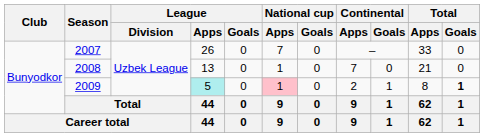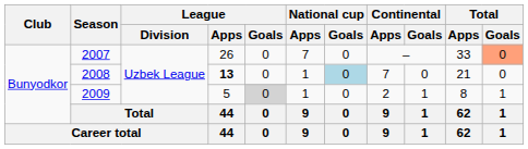 <table class="wikitable" style="text-align: center;">
 <tr>
 <th rowspan="2">Club</th>
 <th rowspan="2">Season</th>
 <th colspan="3">League</th>
 <th colspan="2">National cup</th>
 <th colspan="2">Continental</th>
 <th colspan="2">Total</th>
 </tr>
 <tr>
 <th>Division</th>
 <th>Apps</th>
 <th>Goals</th>
 <th>Apps</th>
 <th>Goals</th>
 <th>Apps</th>
 <th>Goals</th>
 <th>Apps</th>
 <th>Goals</th>
 </tr>
 <tr>
 <td rowspan="4"><a href='#'>Bunyodkor</a></td>
 <td><a href='#'>2007</a></td>
 <td rowspan="3"><a href='#'>Uzbek League</a></td>
 <td>26</td>
 <td>0</td>
 <td>7</td>
 <td>0</td>
 <td colspan="2">–</td>
 <td>33</td>
-<td>0</td>
+<td style="background: lightsalmon;">0</td>
 </tr>
 <tr>
 <td><a href='#'>2008</a></td>
-<td>13</td>
+<td><strong>13</strong></td>
 <td>0</td>
 <td>1</td>
-<td>0</td>
+<td style="background: lightblue;">0</td>
 <td>7</td>
 <td>0</td>
 <td>21</td>
 <td>0</td>
 </tr>
 <tr>
 <td><a href='#'>2009</a></td>
-<td style="background: paleturquoise;">5</td>
-<td>0</td>
-<td style="background: pink;">1</td>
+<td>5</td>
+<td style="background: lightgrey;">0</td>
+<td>1</td>
 <td>0</td>
 <td>2</td>
 <td>1</td>
 <td>8</td>
-<td><strong>1</strong></td>
+<td>1</td>
 </tr>
 <tr>
 <th colspan="2">Total</th>
 <th>44</th>
 <th>0</th>
 <th>9</th>
 <th>0</th>
 <th>9</th>
 <th>1</th>
 <th>62</th>
 <th>1</th>
 </tr>
 <tr>
 <th colspan="3">Career total</th>
 <th>44</th>
 <th>0</th>
 <th>9</th>
 <th>0</th>
 <th>9</th>
 <th>1</th>
 <th>62</th>
 <th>1</th>
 </tr>
 </table>
